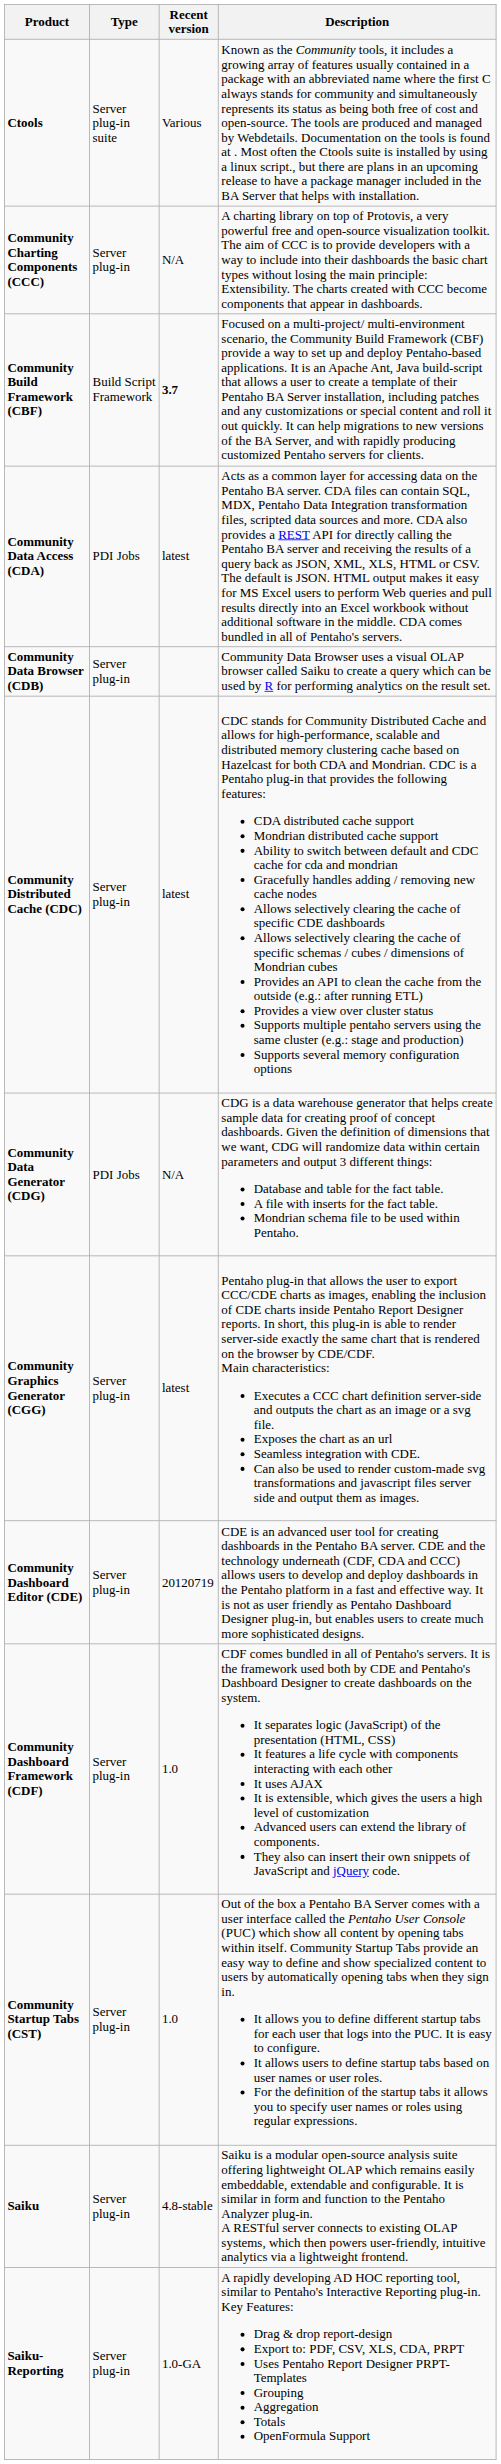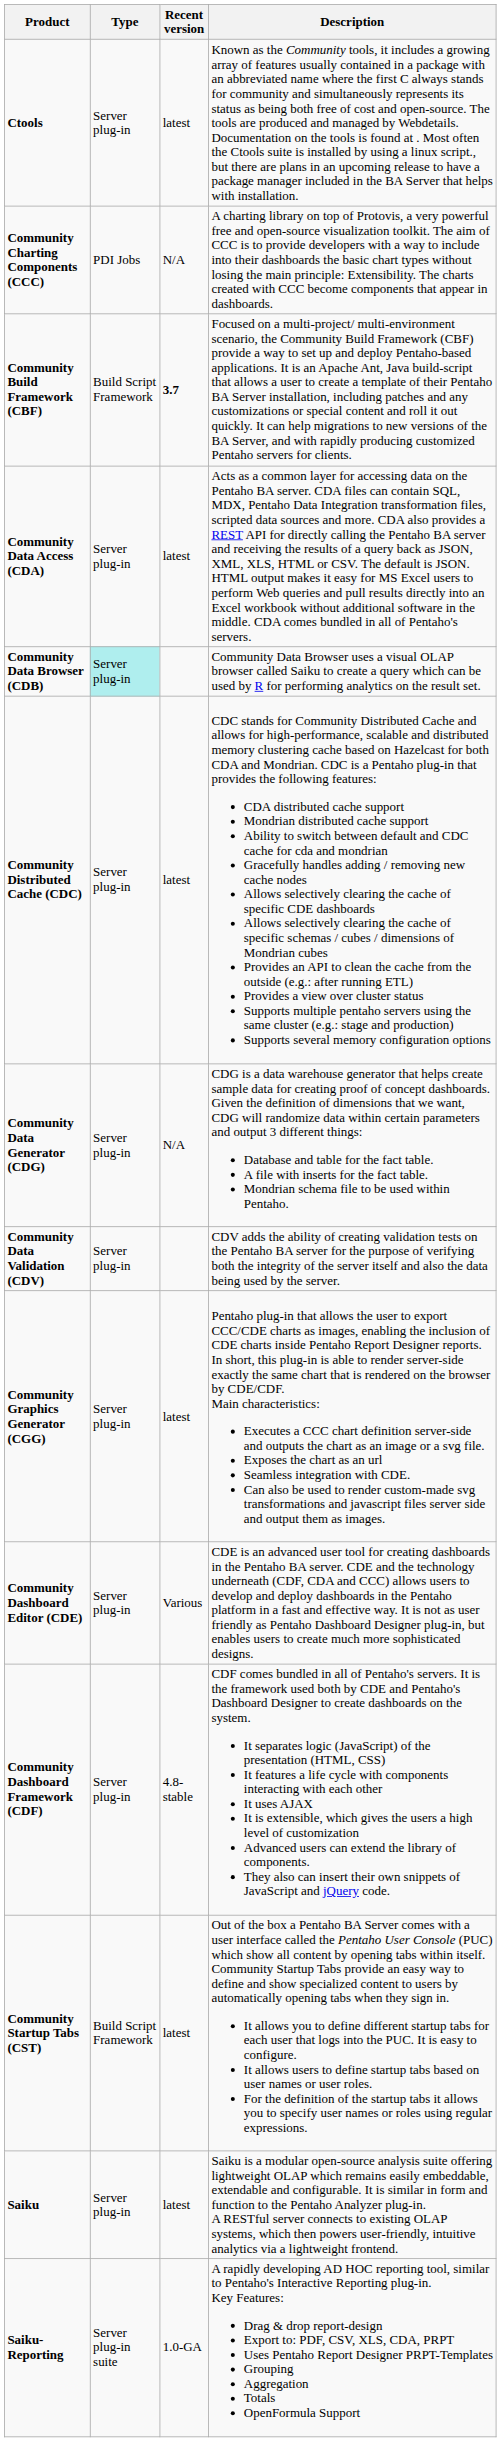 <table class="wikitable">
 <tr>
 <th>Product</th>
 <th>Type</th>
 <th>Recent version</th>
 <th>Description</th>
 </tr>
 <tr>
 <td><strong>Ctools</strong></td>
-<td>Server plug-in suite</td>
-<td>Various</td>
+<td>Server plug-in</td>
+<td>latest</td>
 <td>Known as the <em>Community</em> tools, it includes a growing array of features usually contained in a package with an abbreviated name where the first C always stands for community and simultaneously represents its status as being both free of cost and open-source. The tools are produced and managed by Webdetails. Documentation on the tools is found at . Most often the Ctools suite is installed by using a linux script., but there are plans in an upcoming release to have a package manager included in the BA Server that helps with installation.</td>
 </tr>
 <tr>
 <td><strong>Community Charting Components (CCC)</strong></td>
-<td>Server plug-in</td>
+<td>PDI Jobs</td>
 <td>N/A</td>
 <td>A charting library on top of Protovis, a very powerful free and open-source visualization toolkit. The aim of CCC is to provide developers with a way to include into their dashboards the basic chart types without losing the main principle: Extensibility. The charts created with CCC become components that appear in dashboards.</td>
 </tr>
 <tr>
 <td><strong>Community Build Framework (CBF)</strong></td>
 <td>Build Script Framework</td>
 <td><strong>3.7</strong></td>
 <td>Focused on a multi-project/ multi-environment scenario, the Community Build Framework (CBF) provide a way to set up and deploy Pentaho-based applications. It is an Apache Ant, Java build-script that allows a user to create a template of their Pentaho BA Server installation, including patches and any customizations or special content and roll it out quickly. It can help migrations to new versions of the BA Server, and with rapidly producing customized Pentaho servers for clients.</td>
 </tr>
 <tr>
 <td><strong>Community Data Access (CDA)</strong></td>
-<td>PDI Jobs</td>
+<td>Server plug-in</td>
 <td>latest</td>
 <td>Acts as a common layer for accessing data on the Pentaho BA server. CDA files can contain SQL, MDX, Pentaho Data Integration transformation files, scripted data sources and more. CDA also provides a <a href='#'>REST</a> API for directly calling the Pentaho BA server and receiving the results of a query back as JSON, XML, XLS, HTML or CSV. The default is JSON. HTML output makes it easy for MS Excel users to perform Web queries and pull results directly into an Excel workbook without additional software in the middle. CDA comes bundled in all of Pentaho's servers.</td>
 </tr>
 <tr>
 <td><strong>Community Data Browser (CDB)</strong></td>
-<td>Server plug-in</td>
+<td style="background: paleturquoise;">Server plug-in</td>
 <td></td>
 <td>Community Data Browser uses a visual OLAP browser called Saiku to create a query which can be used by <a href='#'>R</a> for performing analytics on the result set.</td>
 </tr>
 <tr>
 <td><strong>Community Distributed Cache (CDC)</strong></td>
 <td>Server plug-in</td>
 <td>latest</td>
 <td><br>CDC stands for Community Distributed Cache and allows for high-performance, scalable and distributed memory clustering cache based on Hazelcast for both CDA and Mondrian. CDC is a Pentaho plug-in that provides the following features:<ul><li>CDA distributed cache support</li><li>Mondrian distributed cache support</li><li>Ability to switch between default and CDC cache for cda and mondrian</li><li>Gracefully handles adding / removing new cache nodes</li><li>Allows selectively clearing the cache of specific CDE dashboards</li><li>Allows selectively clearing the cache of specific schemas / cubes / dimensions of Mondrian cubes</li><li>Provides an API to clean the cache from the outside (e.g.: after running ETL)</li><li>Provides a view over cluster status</li><li>Supports multiple pentaho servers using the same cluster (e.g.: stage and production)</li><li>Supports several memory configuration options</li></ul></td>
 </tr>
 <tr>
 <td><strong>Community Data Generator (CDG)</strong></td>
-<td>PDI Jobs</td>
+<td>Server plug-in</td>
 <td>N/A</td>
 <td>CDG is a data warehouse generator that helps create sample data for creating proof of concept dashboards. Given the definition of dimensions that we want, CDG will randomize data within certain parameters and output 3 different things:<br><ul><li>Database and table for the fact table.</li><li>A file with inserts for the fact table.</li><li>Mondrian schema file to be used within Pentaho.</li></ul></td>
+</tr>
+<tr>
+<td><strong>Community Data Validation (CDV)</strong></td>
+<td>Server plug-in</td>
+<td></td>
+<td>CDV adds the ability of creating validation tests on the Pentaho BA server for the purpose of verifying both the integrity of the server itself and also the data being used by the server.</td>
 </tr>
 <tr>
 <td><strong>Community Graphics Generator (CGG)</strong></td>
 <td>Server plug-in</td>
 <td>latest</td>
 <td><br>Pentaho plug-in that allows the user to export CCC/CDE charts as images, enabling the inclusion of CDE charts inside Pentaho Report Designer reports. In short, this plug-in is able to render server-side exactly the same chart that is rendered on the browser by CDE/CDF. <br> Main characteristics:<ul><li>Executes a CCC chart definition server-side and outputs the chart as an image or a svg file.</li><li>Exposes the chart as an url</li><li>Seamless integration with CDE.</li><li>Can also be used to render custom-made svg transformations and javascript files server side and output them as images.</li></ul></td>
 </tr>
 <tr>
 <td><strong>Community Dashboard Editor (CDE)</strong></td>
 <td>Server plug-in</td>
-<td>20120719</td>
+<td>Various</td>
 <td>CDE is an advanced user tool for creating dashboards in the Pentaho BA server. CDE and the technology underneath (CDF, CDA and CCC) allows users to develop and deploy dashboards in the Pentaho platform in a fast and effective way. It is not as user friendly as Pentaho Dashboard Designer plug-in, but enables users to create much more sophisticated designs.</td>
 </tr>
 <tr>
 <td><strong>Community Dashboard Framework (CDF)</strong></td>
 <td>Server plug-in</td>
-<td>1.0</td>
+<td>4.8-stable</td>
 <td>CDF comes bundled in all of Pentaho's servers. It is the framework used both by CDE and Pentaho's Dashboard Designer to create dashboards on the system.<br><ul><li>It separates logic (JavaScript) of the presentation (HTML, CSS)</li><li>It features a life cycle with components interacting with each other</li><li>It uses AJAX</li><li>It is extensible, which gives the users a high level of customization</li><li>Advanced users can extend the library of components.</li><li>They also can insert their own snippets of JavaScript and <a href='#'>jQuery</a> code.</li></ul></td>
 </tr>
 <tr>
 <td><strong>Community Startup Tabs (CST)</strong></td>
-<td>Server plug-in</td>
-<td>1.0</td>
+<td>Build Script Framework</td>
+<td>latest</td>
 <td>Out of the box a Pentaho BA Server comes with a user interface called the <em>Pentaho User Console</em> (PUC) which show all content by opening tabs within itself. Community Startup Tabs provide an easy way to define and show specialized content to users by automatically opening tabs when they sign in.<br><ul><li>It allows you to define different startup tabs for each user that logs into the PUC. It is easy to configure.</li><li>It allows users to define startup tabs based on user names or user roles.</li><li>For the definition of the startup tabs it allows you to specify user names or roles using regular expressions.</li></ul></td>
 </tr>
 <tr>
 <td><strong>Saiku</strong></td>
 <td>Server plug-in</td>
-<td>4.8-stable</td>
+<td>latest</td>
 <td>Saiku is a modular open-source analysis suite offering lightweight OLAP which remains easily embeddable, extendable and configurable. It is similar in form and function to the Pentaho Analyzer plug-in.<br>A RESTful server connects to existing OLAP systems, which then powers user-friendly, intuitive analytics via a lightweight frontend.</td>
 </tr>
 <tr>
 <td><strong>Saiku-Reporting</strong></td>
-<td>Server plug-in</td>
+<td>Server plug-in suite</td>
 <td>1.0-GA</td>
 <td>A rapidly developing AD HOC reporting tool, similar to Pentaho's Interactive Reporting plug-in.<br>Key Features:<br><ul><li>Drag & drop report-design</li><li>Export to: PDF, CSV, XLS, CDA, PRPT</li><li>Uses Pentaho Report Designer PRPT-Templates</li><li>Grouping</li><li>Aggregation</li><li>Totals</li><li>OpenFormula Support</li></ul></td>
 </tr>
 </table>
